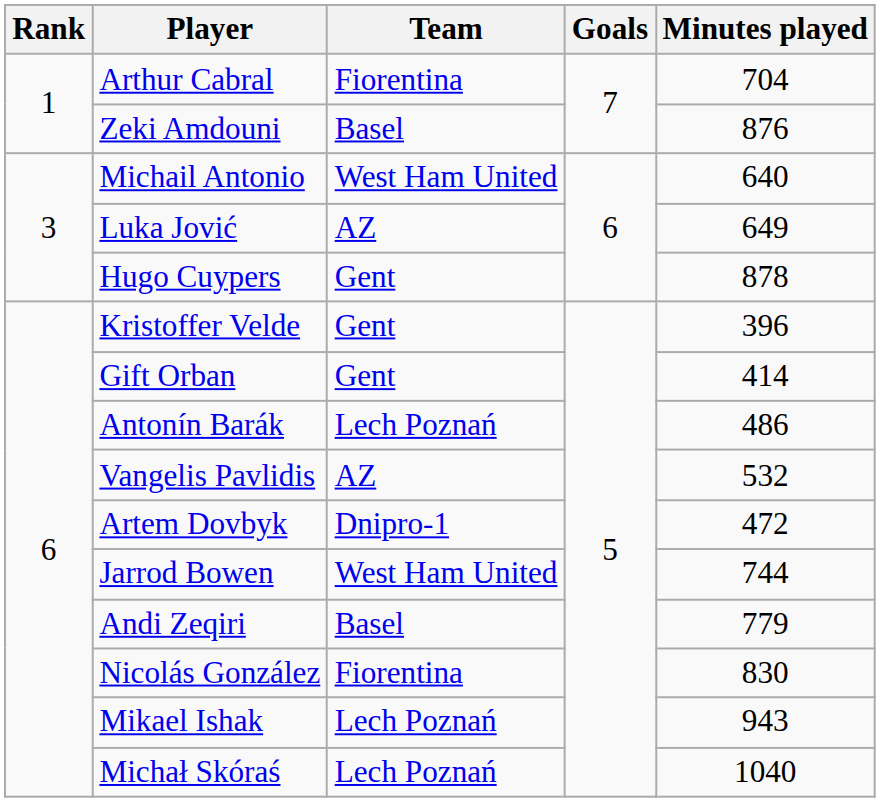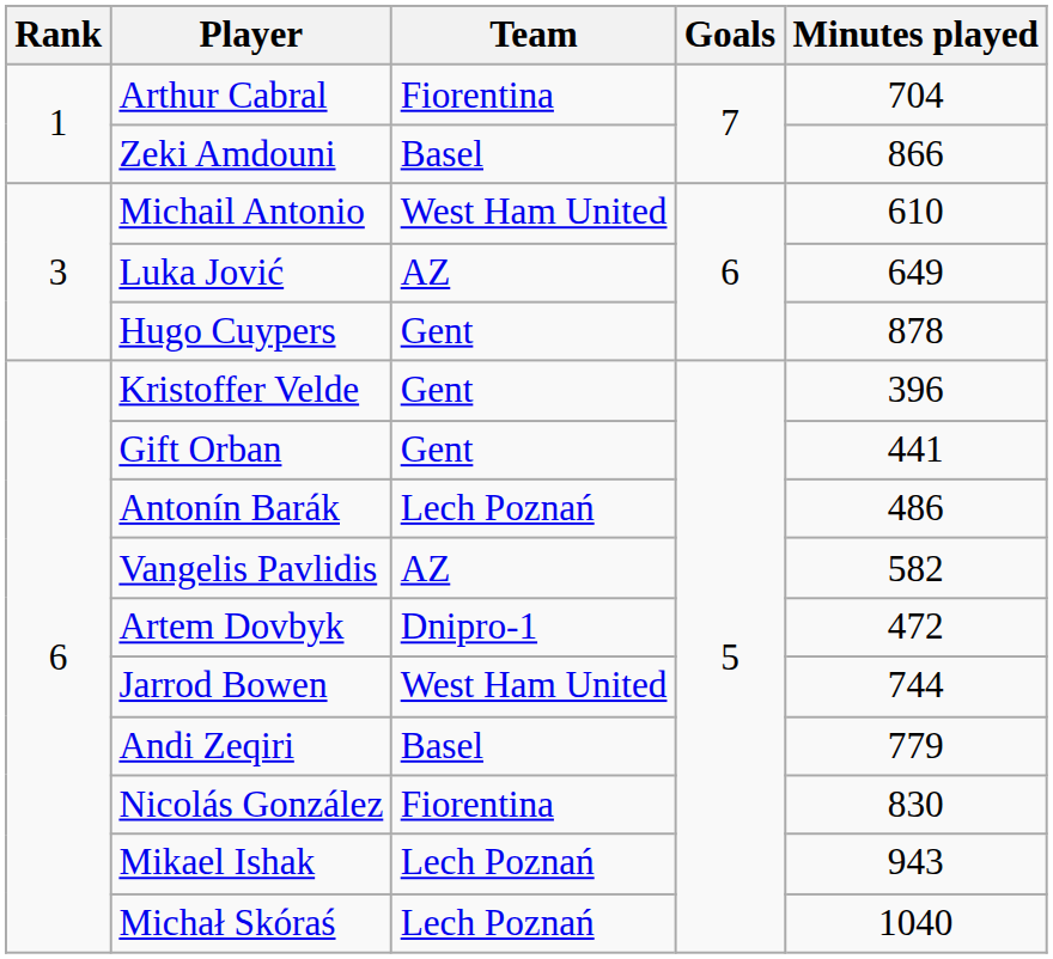 <table class="wikitable" style="text-align:center">
 <tr>
 <th>Rank</th>
 <th>Player</th>
 <th>Team</th>
 <th>Goals</th>
 <th>Minutes played</th>
 </tr>
 <tr>
 <td rowspan="2">1</td>
 <td align=left> <a href='#'>Arthur Cabral</a></td>
 <td align=left> <a href='#'>Fiorentina</a></td>
 <td rowspan="2">7</td>
 <td>704</td>
 </tr>
 <tr>
 <td align=left> <a href='#'>Zeki Amdouni</a></td>
 <td align=left> <a href='#'>Basel</a></td>
-<td>876</td>
+<td>866</td>
 </tr>
 <tr>
 <td rowspan="3">3</td>
 <td align=left> <a href='#'>Michail Antonio</a></td>
 <td align=left> <a href='#'>West Ham United</a></td>
 <td rowspan="3">6</td>
-<td>640</td>
+<td>610</td>
 </tr>
 <tr>
 <td align=left> <a href='#'>Luka Jović</a></td>
 <td align=left> <a href='#'>AZ</a></td>
 <td>649</td>
 </tr>
 <tr>
 <td align=left> <a href='#'>Hugo Cuypers</a></td>
 <td align=left> <a href='#'>Gent</a></td>
 <td>878</td>
 </tr>
 <tr>
 <td rowspan="10">6</td>
 <td align=left> <a href='#'>Kristoffer Velde</a></td>
 <td align=left> <a href='#'>Gent</a></td>
 <td rowspan="10">5</td>
 <td>396</td>
 </tr>
 <tr>
 <td align=left> <a href='#'>Gift Orban</a></td>
 <td align=left> <a href='#'>Gent</a></td>
-<td>414</td>
+<td>441</td>
 </tr>
 <tr>
 <td align=left> <a href='#'>Antonín Barák</a></td>
 <td align=left> <a href='#'>Lech Poznań</a></td>
 <td>486</td>
 </tr>
 <tr>
 <td align=left> <a href='#'>Vangelis Pavlidis</a></td>
 <td align=left> <a href='#'>AZ</a></td>
-<td>532</td>
+<td>582</td>
 </tr>
 <tr>
 <td align=left> <a href='#'>Artem Dovbyk</a></td>
 <td align=left> <a href='#'>Dnipro-1</a></td>
 <td>472</td>
 </tr>
 <tr>
 <td align=left> <a href='#'>Jarrod Bowen</a></td>
 <td align=left> <a href='#'>West Ham United</a></td>
 <td>744</td>
 </tr>
 <tr>
 <td align=left> <a href='#'>Andi Zeqiri</a></td>
 <td align=left> <a href='#'>Basel</a></td>
 <td>779</td>
 </tr>
 <tr>
 <td align=left> <a href='#'>Nicolás González</a></td>
 <td align=left> <a href='#'>Fiorentina</a></td>
 <td>830</td>
 </tr>
 <tr>
 <td align=left> <a href='#'>Mikael Ishak</a></td>
 <td align=left> <a href='#'>Lech Poznań</a></td>
 <td>943</td>
 </tr>
 <tr>
 <td align=left> <a href='#'>Michał Skóraś</a></td>
 <td align=left> <a href='#'>Lech Poznań</a></td>
 <td>1040</td>
 </tr>
 </table>
